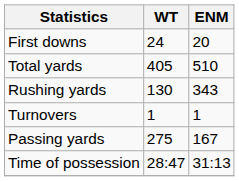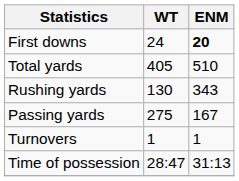 <table class="wikitable" style="float: left;">
 <tr>
 <th>Statistics</th>
 <th>WT</th>
 <th>ENM</th>
 </tr>
 <tr>
 <td>First downs</td>
 <td>24</td>
-<td>20</td>
+<td><strong>20</strong></td>
 </tr>
 <tr>
 <td>Total yards</td>
 <td>405</td>
 <td>510</td>
 </tr>
 <tr>
 <td>Rushing yards</td>
 <td>130</td>
 <td>343</td>
 </tr>
 <tr>
+<td>Passing yards</td>
+<td>275</td>
+<td>167</td>
+</tr>
+<tr>
 <td>Turnovers</td>
 <td>1</td>
 <td>1</td>
-</tr>
-<tr>
-<td>Passing yards</td>
-<td>275</td>
-<td>167</td>
 </tr>
 <tr>
 <td>Time of possession</td>
 <td>28:47</td>
 <td>31:13</td>
 </tr>
 <tr>
 </tr>
 </table>
